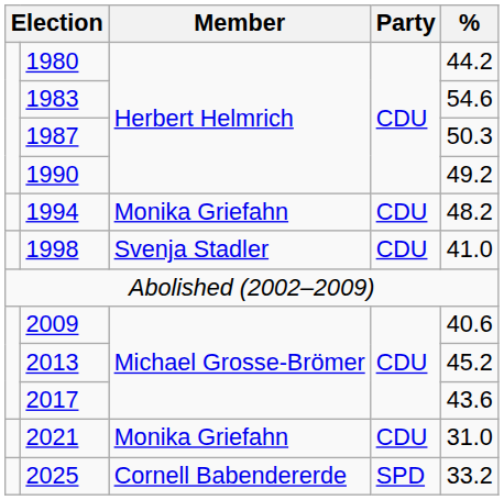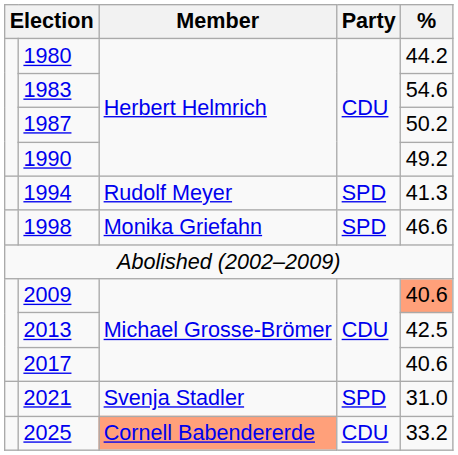 <table class=wikitable>
 <tr>
 <th colspan=2>Election</th>
 <th>Member</th>
 <th>Party</th>
 <th>%</th>
 </tr>
 <tr>
 <td rowspan=4 bgcolor=></td>
 <td><a href='#'>1980</a></td>
 <td rowspan=4><a href='#'>Herbert Helmrich</a></td>
 <td rowspan=4><a href='#'>CDU</a></td>
 <td align=right>44.2</td>
 </tr>
 <tr>
 <td><a href='#'>1983</a></td>
 <td align=right>54.6</td>
 </tr>
 <tr>
 <td><a href='#'>1987</a></td>
-<td align=right>50.3</td>
+<td align=right>50.2</td>
 </tr>
 <tr>
 <td><a href='#'>1990</a></td>
 <td align=right>49.2</td>
 </tr>
 <tr>
 <td bgcolor=></td>
 <td><a href='#'>1994</a></td>
-<td><a href='#'>Monika Griefahn</a></td>
-<td><a href='#'>CDU</a></td>
-<td align=right>48.2</td>
+<td><a href='#'>Rudolf Meyer</a></td>
+<td><a href='#'>SPD</a></td>
+<td align=right>41.3</td>
 </tr>
 <tr>
 <td bgcolor=></td>
 <td><a href='#'>1998</a></td>
-<td><a href='#'>Svenja Stadler</a></td>
-<td><a href='#'>CDU</a></td>
-<td align=right>41.0</td>
+<td><a href='#'>Monika Griefahn</a></td>
+<td><a href='#'>SPD</a></td>
+<td align=right>46.6</td>
 </tr>
 <tr>
 <td colspan=5 align=center><em>Abolished (2002–2009)</em></td>
 </tr>
 <tr>
 <td rowspan=3 bgcolor=></td>
 <td><a href='#'>2009</a></td>
 <td rowspan=3><a href='#'>Michael Grosse-Brömer</a></td>
 <td rowspan=3><a href='#'>CDU</a></td>
-<td align=right>40.6</td>
+<td align=right style="background: lightsalmon;">40.6</td>
 </tr>
 <tr>
 <td><a href='#'>2013</a></td>
-<td align=right>45.2</td>
+<td align=right>42.5</td>
 </tr>
 <tr>
 <td><a href='#'>2017</a></td>
-<td align=right>43.6</td>
+<td align=right>40.6</td>
 </tr>
 <tr>
 <td bgcolor=></td>
 <td><a href='#'>2021</a></td>
-<td><a href='#'>Monika Griefahn</a></td>
-<td><a href='#'>CDU</a></td>
+<td><a href='#'>Svenja Stadler</a></td>
+<td><a href='#'>SPD</a></td>
 <td align=right>31.0</td>
 </tr>
 <tr>
 <td></td>
 <td><a href='#'>2025</a></td>
-<td><a href='#'>Cornell Babendererde</a></td>
-<td><a href='#'>SPD</a></td>
+<td style="background: lightsalmon;"><a href='#'>Cornell Babendererde</a></td>
+<td><a href='#'>CDU</a></td>
 <td>33.2</td>
 </tr>
 </table>
